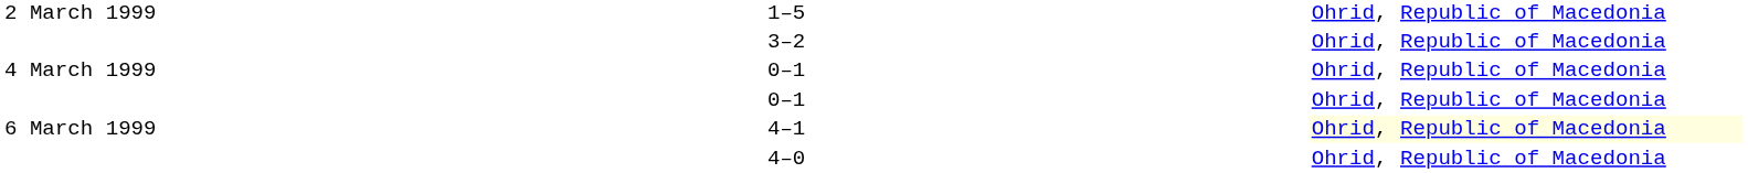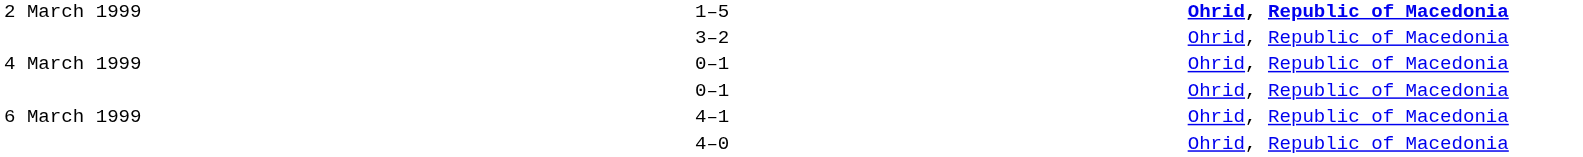 <table cellspacing=1 width=85%>
 <tr>
 <th width=15%></th>
 <th width=25%></th>
 <th width=10%></th>
 <th width=25%></th>
 <th width=25%></th>
 </tr>
 <tr>
 <td>2 March 1999</td>
 <td align=right></td>
 <td align=center>1–5</td>
 <td></td>
-<td><a href='#'>Ohrid</a>, <a href='#'>Republic of Macedonia</a></td>
+<td><strong><a href='#'>Ohrid</a>, <a href='#'>Republic of Macedonia</a></strong></td>
 </tr>
 <tr>
 <td></td>
 <td align=right></td>
 <td align=center>3–2</td>
 <td></td>
 <td><a href='#'>Ohrid</a>, <a href='#'>Republic of Macedonia</a></td>
 </tr>
 <tr>
 <td>4 March 1999</td>
 <td align=right></td>
 <td align=center>0–1</td>
 <td></td>
 <td><a href='#'>Ohrid</a>, <a href='#'>Republic of Macedonia</a></td>
 </tr>
 <tr>
 <td></td>
 <td align=right></td>
 <td align=center>0–1</td>
 <td></td>
 <td><a href='#'>Ohrid</a>, <a href='#'>Republic of Macedonia</a></td>
 </tr>
 <tr>
 <td>6 March 1999</td>
 <td align=right></td>
 <td align=center>4–1</td>
 <td></td>
-<td style="background: lightyellow;"><a href='#'>Ohrid</a>, <a href='#'>Republic of Macedonia</a></td>
+<td><a href='#'>Ohrid</a>, <a href='#'>Republic of Macedonia</a></td>
 </tr>
 <tr>
 <td></td>
 <td align=right></td>
 <td align=center>4–0</td>
 <td></td>
 <td><a href='#'>Ohrid</a>, <a href='#'>Republic of Macedonia</a></td>
 </tr>
 </table>
